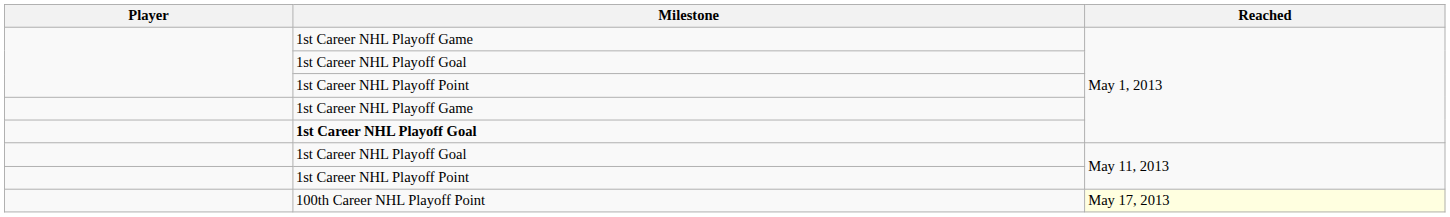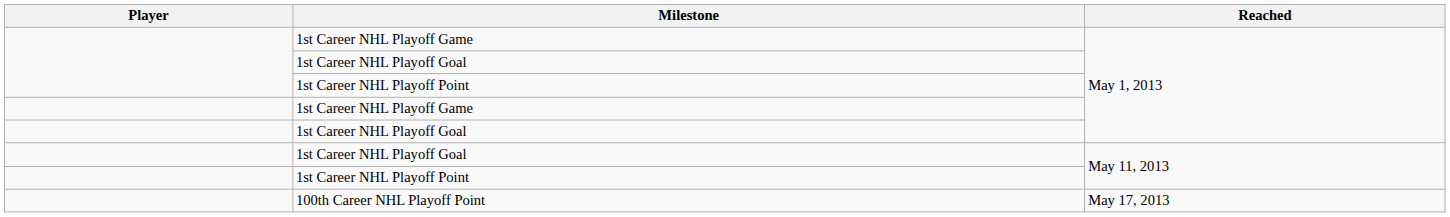 <table class="wikitable sortable" style="width:100%;">
 <tr align=center>
 <th style="width:20%;">Player</th>
 <th style="width:55%;">Milestone</th>
 <th style="width:25%;" data-sort-type="date">Reached</th>
 </tr>
 <tr>
 <td rowspan=3></td>
 <td>1st Career NHL Playoff Game</td>
 <td rowspan=5>May 1, 2013</td>
 </tr>
 <tr>
 <td>1st Career NHL Playoff Goal</td>
 </tr>
 <tr>
 <td>1st Career NHL Playoff Point</td>
 </tr>
 <tr>
 <td></td>
 <td>1st Career NHL Playoff Game</td>
 </tr>
 <tr>
 <td></td>
-<td><strong>1st Career NHL Playoff Goal</strong></td>
+<td>1st Career NHL Playoff Goal</td>
 </tr>
 <tr>
 <td></td>
 <td>1st Career NHL Playoff Goal</td>
 <td rowspan=2>May 11, 2013</td>
 </tr>
 <tr>
 <td></td>
 <td>1st Career NHL Playoff Point</td>
 </tr>
 <tr>
 <td></td>
 <td>100th Career NHL Playoff Point</td>
-<td style="background: lightyellow;">May 17, 2013</td>
+<td>May 17, 2013</td>
 </tr>
 </table>
